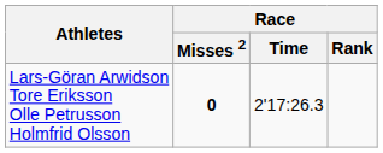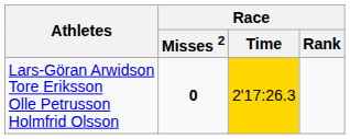 <table class="wikitable" border="1" style="font-size:90%">
 <tr>
 <th rowspan=2>Athletes</th>
 <th colspan=3>Race</th>
 </tr>
 <tr>
 <th>Misses <sup>2</sup></th>
 <th>Time</th>
 <th>Rank</th>
 </tr>
 <tr>
 <td><a href='#'>Lars-Göran Arwidson</a><br><a href='#'>Tore Eriksson</a><br><a href='#'>Olle Petrusson</a><br><a href='#'>Holmfrid Olsson</a></td>
 <td align=center><strong>0</strong></td>
-<td align=center>2'17:26.3</td>
+<td align=center style="background: gold;">2'17:26.3</td>
 <td align=center></td>
 </tr>
 </table>
